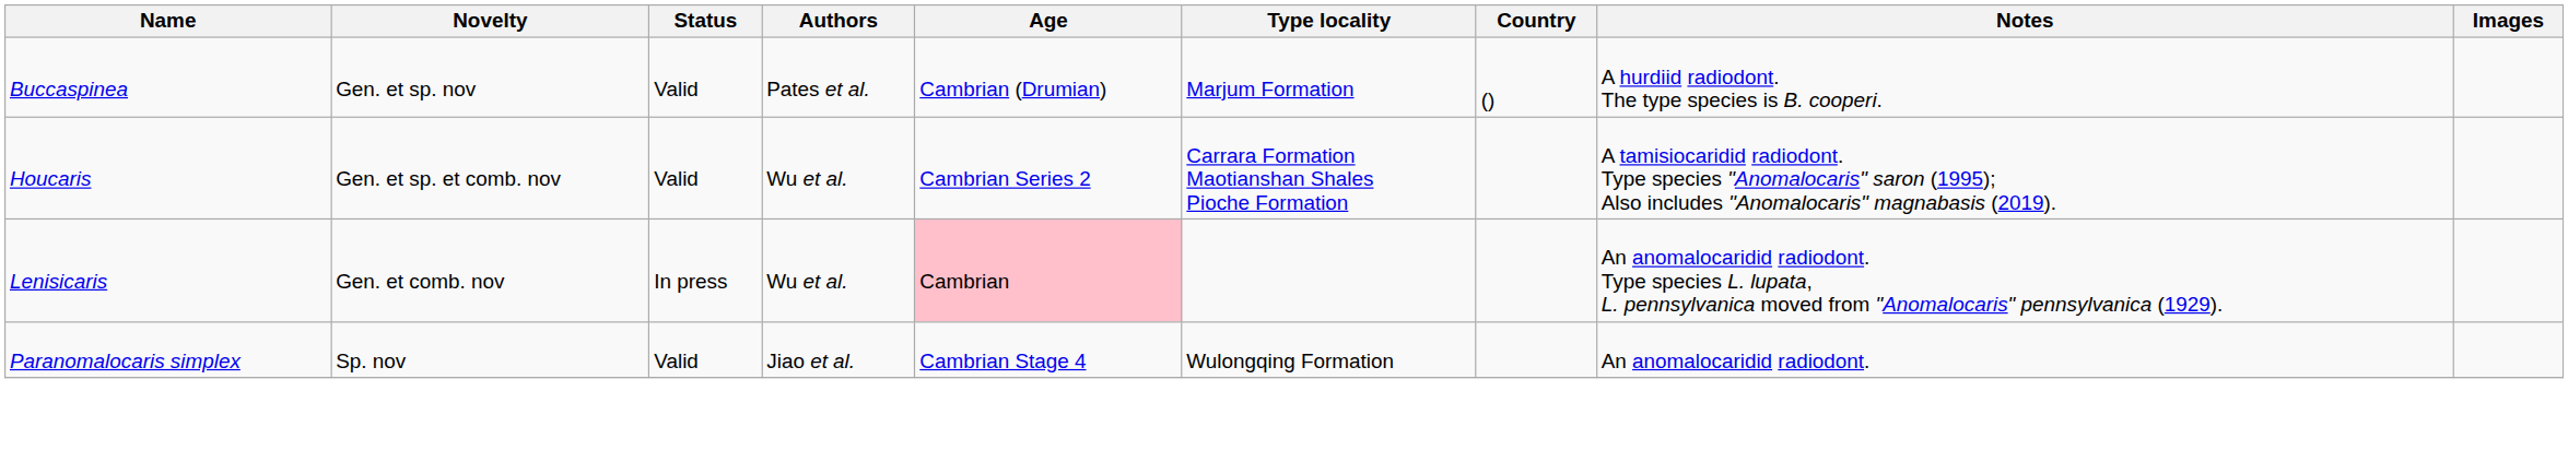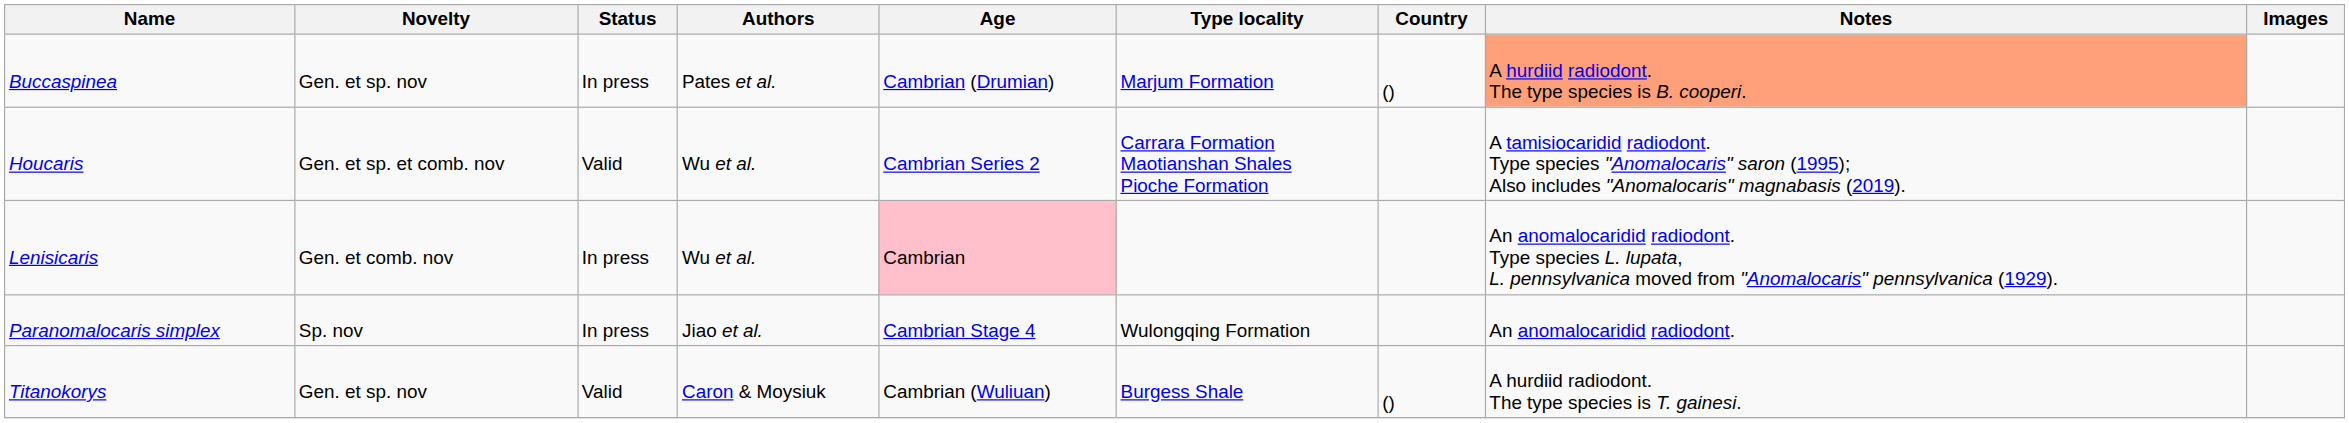 <table class="wikitable sortable" align="center" width="100%">
 <tr>
 <th>Name</th>
 <th>Novelty</th>
 <th>Status</th>
 <th>Authors</th>
 <th>Age</th>
 <th>Type locality</th>
 <th>Country</th>
 <th>Notes</th>
 <th>Images</th>
 </tr>
 <tr>
 <td><br><em><a href='#'>Buccaspinea</a></em></td>
 <td><br>Gen. et sp. nov</td>
-<td><br>Valid</td>
+<td><br>In press</td>
 <td><br>Pates <em>et al.</em></td>
 <td><br><a href='#'>Cambrian</a> (<a href='#'>Drumian</a>)</td>
 <td><br><a href='#'>Marjum Formation</a></td>
 <td><br><br>()</td>
-<td><br>A <a href='#'>hurdiid</a> <a href='#'>radiodont</a>.<br> The type species is <em>B. cooperi</em>.</td>
+<td style="background: lightsalmon;"><br>A <a href='#'>hurdiid</a> <a href='#'>radiodont</a>.<br> The type species is <em>B. cooperi</em>.</td>
 <td><br></td>
 </tr>
 <tr>
 <td><br><em><a href='#'>Houcaris</a></em></td>
 <td><br>Gen. et sp. et comb. nov</td>
 <td><br>Valid</td>
 <td><br>Wu <em>et al.</em></td>
 <td><br><a href='#'>Cambrian Series 2</a></td>
 <td><br><a href='#'>Carrara Formation</a><br> <a href='#'>Maotianshan Shales</a><br> <a href='#'>Pioche Formation</a></td>
 <td><br><br> </td>
 <td><br>A <a href='#'>tamisiocaridid</a> <a href='#'>radiodont</a>.<br> Type species <em>"<a href='#'>Anomalocaris</a>" saron</em> (<a href='#'>1995</a>);<br> Also includes <em>"Anomalocaris" magnabasis</em> (<a href='#'>2019</a>).</td>
 <td><br></td>
 </tr>
 <tr>
 <td><br><em><a href='#'>Lenisicaris</a></em></td>
 <td><br>Gen. et comb. nov</td>
 <td><br>In press</td>
 <td><br>Wu <em>et al.</em></td>
 <td style="background: pink;"><br>Cambrian</td>
 <td></td>
 <td><br><br> </td>
 <td><br>An <a href='#'>anomalocaridid</a> <a href='#'>radiodont</a>.<br> Type species <em>L. lupata</em>, <br> <em>L. pennsylvanica</em> moved from <em>"<a href='#'>Anomalocaris</a>" pennsylvanica</em> (<a href='#'>1929</a>).</td>
 <td><br></td>
 </tr>
 <tr>
 <td><br><em><a href='#'>Paranomalocaris simplex</a></em></td>
 <td><br>Sp. nov</td>
-<td><br>Valid</td>
+<td><br>In press</td>
 <td><br>Jiao <em>et al.</em></td>
 <td><br><a href='#'>Cambrian Stage 4</a></td>
 <td><br>Wulongqing Formation</td>
 <td><br></td>
 <td><br>An <a href='#'>anomalocaridid</a> <a href='#'>radiodont</a>.</td>
 <td><br></td>
 </tr>
 <tr>
+<td><br><em><a href='#'>Titanokorys</a></em></td>
+<td><br>Gen. et sp. nov</td>
+<td><br>Valid</td>
+<td><br><a href='#'>Caron</a> & Moysiuk</td>
+<td><br>Cambrian (<a href='#'>Wuliuan</a>)</td>
+<td><br><a href='#'>Burgess Shale</a></td>
+<td><br><br>()</td>
+<td><br>A hurdiid radiodont.<br> The type species is <em>T. gainesi</em>.</td>
+<td><br></td>
+</tr>
+<tr>
 </tr>
 </table>
